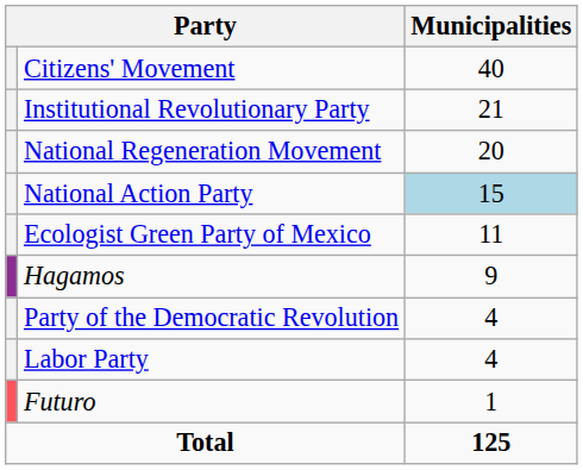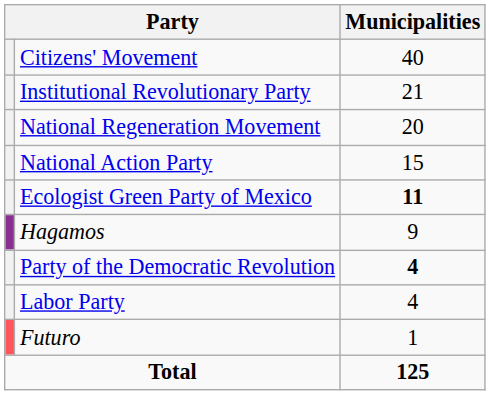 <table class="wikitable" style="text-align:center;">
 <tr>
 <th colspan="2">Party</th>
 <th>Municipalities</th>
 </tr>
 <tr>
 <th style="background-color:"></th>
 <td style="text-align:left;"><a href='#'>Citizens' Movement</a></td>
 <td>40</td>
 </tr>
 <tr>
 <th style="background-color:"></th>
 <td style="text-align:left;"><a href='#'>Institutional Revolutionary Party</a></td>
 <td>21</td>
 </tr>
 <tr>
 <th style="background-color:"></th>
 <td style="text-align:left;"><a href='#'>National Regeneration Movement</a></td>
 <td>20</td>
 </tr>
 <tr>
 <th style="background-color:"></th>
 <td style="text-align:left;"><a href='#'>National Action Party</a></td>
-<td style="background: lightblue;">15</td>
+<td>15</td>
 </tr>
 <tr>
 <th style="background-color:"></th>
 <td style="text-align:left;"><a href='#'>Ecologist Green Party of Mexico</a></td>
-<td>11</td>
+<td><strong>11</strong></td>
 </tr>
 <tr>
 <th style="background-color:#8a2e91;"></th>
 <td style="text-align:left;"><em>Hagamos</em></td>
 <td>9</td>
 </tr>
 <tr>
 <th style="background-color:"></th>
 <td style="text-align:left;"><a href='#'>Party of the Democratic Revolution</a></td>
-<td>4</td>
+<td><strong>4</strong></td>
 </tr>
 <tr>
 <th style="background-color:"></th>
 <td style="text-align:left;"><a href='#'>Labor Party</a></td>
 <td>4</td>
 </tr>
 <tr>
 <th style="background-color:#ff555c;"></th>
 <td style="text-align:left;"><em>Futuro</em></td>
 <td>1</td>
 </tr>
 <tr>
 <td colspan="2"><strong>Total</strong></td>
 <td><strong>125</strong></td>
 </tr>
 </table>
